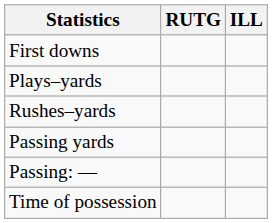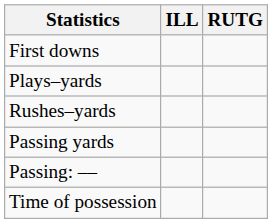 <table class="wikitable" style="float:left">
 <tr>
 <th>Statistics</th>
+<th>ILL</th>
 <th>RUTG</th>
-<th>ILL</th>
 </tr>
 <tr>
 <td>First downs</td>
 <td></td>
 <td></td>
 </tr>
 <tr>
 <td>Plays–yards</td>
 <td></td>
 <td></td>
 </tr>
 <tr>
 <td>Rushes–yards</td>
 <td></td>
 <td></td>
 </tr>
 <tr>
 <td>Passing yards</td>
 <td></td>
 <td></td>
 </tr>
 <tr>
 <td>Passing: ––</td>
 <td></td>
 <td></td>
 </tr>
 <tr>
 <td>Time of possession</td>
 <td></td>
 <td></td>
 </tr>
 </table>
